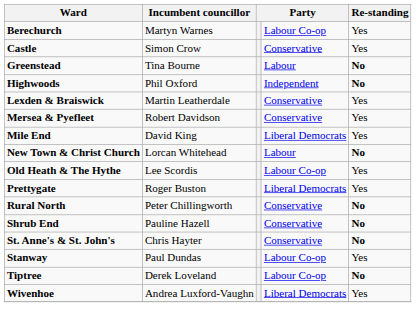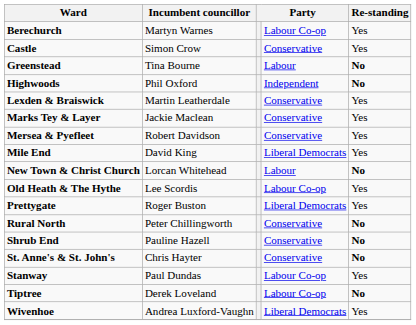 <table class="wikitable sortable">
 <tr>
 <th>Ward</th>
 <th>Incumbent councillor</th>
 <th colspan="2">Party</th>
 <th>Re-standing</th>
 </tr>
 <tr>
 <td align="left"><strong>Berechurch</strong></td>
 <td align="left">Martyn Warnes</td>
 <th style="background-color: "></th>
 <td><a href='#'>Labour Co-op</a></td>
 <td>Yes</td>
 </tr>
 <tr>
 <td align="left"><strong>Castle</strong></td>
 <td align="left">Simon Crow</td>
 <th style="background-color: "></th>
 <td><a href='#'>Conservative</a></td>
 <td>Yes</td>
 </tr>
 <tr>
 <td align="left"><strong>Greenstead</strong></td>
 <td align="left">Tina Bourne</td>
 <th style="background-color: "></th>
 <td><a href='#'>Labour</a></td>
 <td><strong>No</strong></td>
 </tr>
 <tr>
 <td align="left"><strong>Highwoods</strong></td>
 <td align="left">Phil Oxford</td>
 <th style="background-color: "></th>
 <td><a href='#'>Independent</a></td>
 <td><strong>No</strong></td>
 </tr>
 <tr>
 <td align="left"><strong>Lexden & Braiswick</strong></td>
 <td align="left">Martin Leatherdale</td>
+<th style="background-color: "></th>
+<td><a href='#'>Conservative</a></td>
+<td>Yes</td>
+</tr>
+<tr>
+<td align="left"><strong>Marks Tey & Layer</strong></td>
+<td align="left">Jackie Maclean</td>
 <th style="background-color: "></th>
 <td><a href='#'>Conservative</a></td>
 <td>Yes</td>
 </tr>
 <tr>
 <td align="left"><strong>Mersea & Pyefleet</strong></td>
 <td align="left">Robert Davidson</td>
 <th style="background-color: "></th>
 <td><a href='#'>Conservative</a></td>
 <td>Yes</td>
 </tr>
 <tr>
 <td align="left"><strong>Mile End</strong></td>
 <td align="left">David King</td>
 <th style="background-color: "></th>
 <td><a href='#'>Liberal Democrats</a></td>
 <td>Yes</td>
 </tr>
 <tr>
 <td align="left"><strong>New Town & Christ Church</strong></td>
 <td align="left">Lorcan Whitehead</td>
 <th style="background-color: "></th>
 <td><a href='#'>Labour</a></td>
 <td><strong>No</strong></td>
 </tr>
 <tr>
 <td align="left"><strong>Old Heath & The Hythe</strong></td>
 <td align="left">Lee Scordis</td>
 <th style="background-color: "></th>
 <td><a href='#'>Labour Co-op</a></td>
 <td>Yes</td>
 </tr>
 <tr>
 <td align="left"><strong>Prettygate</strong></td>
 <td align="left">Roger Buston</td>
 <th style="background-color: "></th>
 <td><a href='#'>Liberal Democrats</a></td>
 <td>Yes</td>
 </tr>
 <tr>
 <td align="left"><strong>Rural North</strong></td>
 <td align="left">Peter Chillingworth</td>
 <th style="background-color: "></th>
 <td><a href='#'>Conservative</a></td>
 <td><strong>No</strong></td>
 </tr>
 <tr>
 <td align="left"><strong>Shrub End</strong></td>
 <td align="left">Pauline Hazell</td>
 <th style="background-color: "></th>
 <td><a href='#'>Conservative</a></td>
 <td><strong>No</strong></td>
 </tr>
 <tr>
 <td align="left"><strong>St. Anne's & St. John's</strong></td>
 <td align="left">Chris Hayter</td>
 <th style="background-color: "></th>
 <td><a href='#'>Conservative</a></td>
 <td><strong>No</strong></td>
 </tr>
 <tr>
 <td align="left"><strong>Stanway</strong></td>
 <td align="left">Paul Dundas</td>
 <th style="background-color: "></th>
 <td><a href='#'>Labour Co-op</a></td>
 <td>Yes</td>
 </tr>
 <tr>
 <td align="left"><strong>Tiptree</strong></td>
 <td align="left">Derek Loveland</td>
 <th style="background-color: "></th>
 <td><a href='#'>Labour Co-op</a></td>
 <td><strong>No</strong></td>
 </tr>
 <tr>
 <td align="left"><strong>Wivenhoe</strong></td>
 <td align="left">Andrea Luxford-Vaughn</td>
 <th style="background-color: "></th>
 <td><a href='#'>Liberal Democrats</a></td>
 <td>Yes</td>
 </tr>
 <tr>
 </tr>
 </table>
